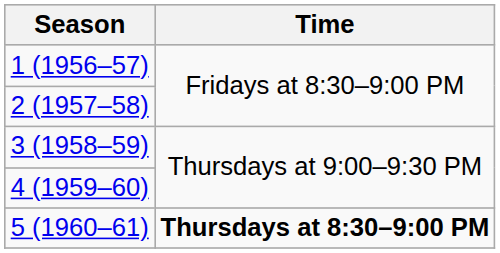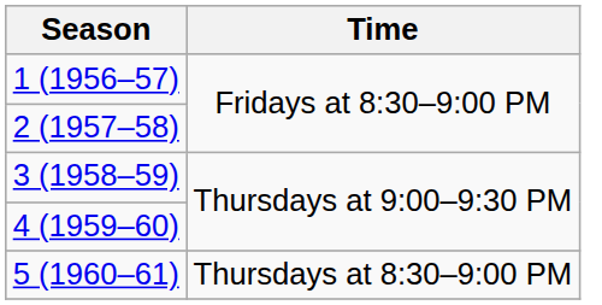 <table class="wikitable plainrowheaders" style="text-align:center;">
 <tr>
 <th scope="col">Season</th>
 <th scope="col">Time</th>
 </tr>
 <tr>
 <td><a href='#'>1 (1956–57)</a></td>
 <td rowspan="2">Fridays at 8:30–9:00 PM</td>
 </tr>
 <tr>
 <td><a href='#'>2 (1957–58)</a></td>
 </tr>
 <tr>
 <td><a href='#'>3 (1958–59)</a></td>
 <td rowspan="2">Thursdays at 9:00–9:30 PM</td>
 </tr>
 <tr>
 <td><a href='#'>4 (1959–60)</a></td>
 </tr>
 <tr>
 <td><a href='#'>5 (1960–61)</a></td>
-<td><strong>Thursdays at 8:30–9:00 PM</strong></td>
+<td>Thursdays at 8:30–9:00 PM</td>
 </tr>
 </table>
